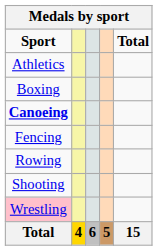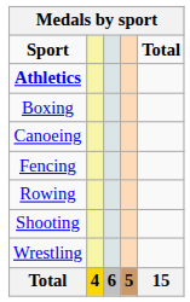 <table class="wikitable" style="font-size:85%; float: right;">
 <tr style="background:#efefef;">
 <th colspan=5><strong>Medals by sport</strong></th>
 </tr>
 <tr align=center>
 <td><strong>Sport</strong></td>
 <td bgcolor=#f7f6a8></td>
 <td bgcolor=#dce5e5></td>
 <td bgcolor=#ffdab9></td>
 <td><strong>Total</strong></td>
 </tr>
 <tr align=center>
-<td><a href='#'>Athletics</a></td>
+<td><strong><a href='#'>Athletics</a></strong></td>
 <td style="background:#F7F6A8;"></td>
 <td style="background:#DCE5E5;"></td>
 <td style="background:#FFDAB9;"></td>
 <td></td>
 </tr>
 <tr align=center>
 <td><a href='#'>Boxing</a></td>
 <td style="background:#F7F6A8;"></td>
 <td style="background:#DCE5E5;"></td>
 <td style="background:#FFDAB9;"></td>
 <td></td>
 </tr>
 <tr align=center>
-<td><strong><a href='#'>Canoeing</a></strong></td>
+<td><a href='#'>Canoeing</a></td>
 <td style="background:#F7F6A8;"></td>
 <td style="background:#DCE5E5;"></td>
 <td style="background:#FFDAB9;"></td>
 <td></td>
 </tr>
 <tr align=center>
 <td><a href='#'>Fencing</a></td>
 <td style="background:#F7F6A8;"></td>
 <td style="background:#DCE5E5;"></td>
 <td style="background:#FFDAB9;"></td>
 <td></td>
 </tr>
 <tr align=center>
 <td><a href='#'>Rowing</a></td>
 <td style="background:#F7F6A8;"></td>
 <td style="background:#DCE5E5;"></td>
 <td style="background:#FFDAB9;"></td>
 <td></td>
 </tr>
 <tr align=center>
 <td><a href='#'>Shooting</a></td>
 <td style="background:#F7F6A8;"></td>
 <td style="background:#DCE5E5;"></td>
 <td style="background:#FFDAB9;"></td>
 <td></td>
 </tr>
 <tr align=center>
-<td style="background: pink;"><a href='#'>Wrestling</a></td>
+<td><a href='#'>Wrestling</a></td>
 <td style="background:#F7F6A8;"></td>
 <td style="background:#DCE5E5;"></td>
 <td style="background:#FFDAB9;"></td>
 <td></td>
 </tr>
 <tr align=center>
 <th><strong>Total</strong></th>
 <th style="background:gold;"><strong>4</strong></th>
 <th style="background:silver;"><strong>6</strong></th>
 <th style="background:#c96;"><strong>5</strong></th>
 <th><strong>15</strong></th>
 </tr>
 </table>
